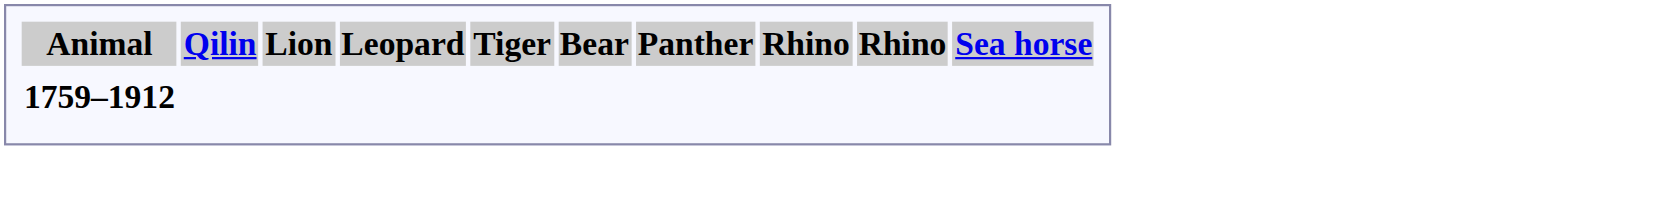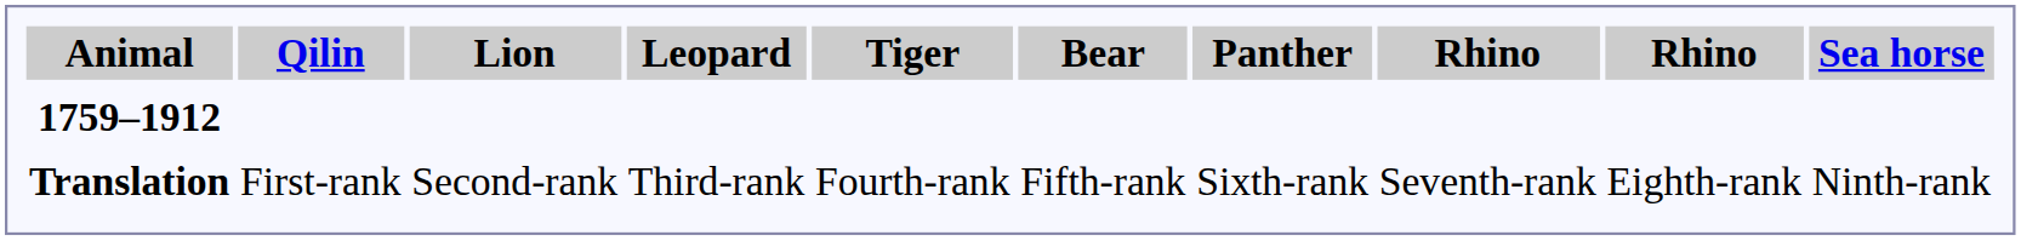 <table style="border:1px solid #8888aa; background-color:#f7f8ff; padding:5px; font-size:95%; margin: 0px 12px 12px 0px; text-align:center;">
 <tr bgcolor="#CCCCCC" style="text-align:center;">
 <th>Animal</th>
 <th><a href='#'>Qilin</a></th>
 <th>Lion</th>
 <th>Leopard</th>
 <th>Tiger</th>
 <th>Bear</th>
 <th>Panther</th>
 <th>Rhino</th>
 <th>Rhino</th>
 <th><a href='#'>Sea horse</a></th>
 </tr>
 <tr>
 <th rowspan=2>1759–1912</th>
 <td></td>
 <td></td>
 <td></td>
 <td></td>
 <td></td>
 <td></td>
 <td></td>
 <td></td>
 <td></td>
 </tr>
 <tr>
 <td><br></td>
 <td><br></td>
 <td><br></td>
 <td><br></td>
 <td><br></td>
 <td><br></td>
 <td><br></td>
 <td><br></td>
 <td><br></td>
 </tr>
 <tr>
+<th>Translation</th>
+<td>First-rank</td>
+<td>Second-rank</td>
+<td>Third-rank</td>
+<td>Fourth-rank</td>
+<td>Fifth-rank</td>
+<td>Sixth-rank</td>
+<td>Seventh-rank</td>
+<td>Eighth-rank</td>
+<td>Ninth-rank</td>
+</tr>
+<tr>
 </tr>
 </table>
